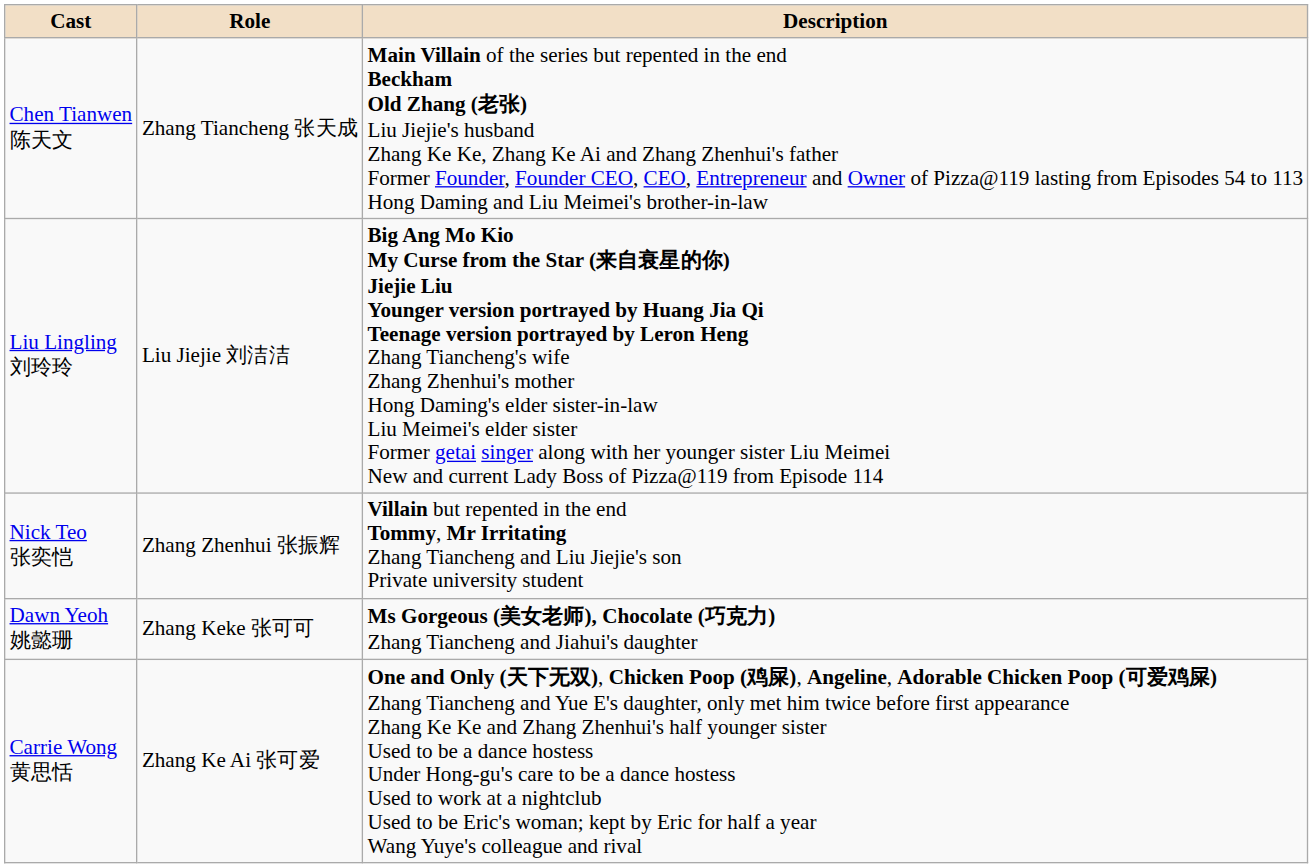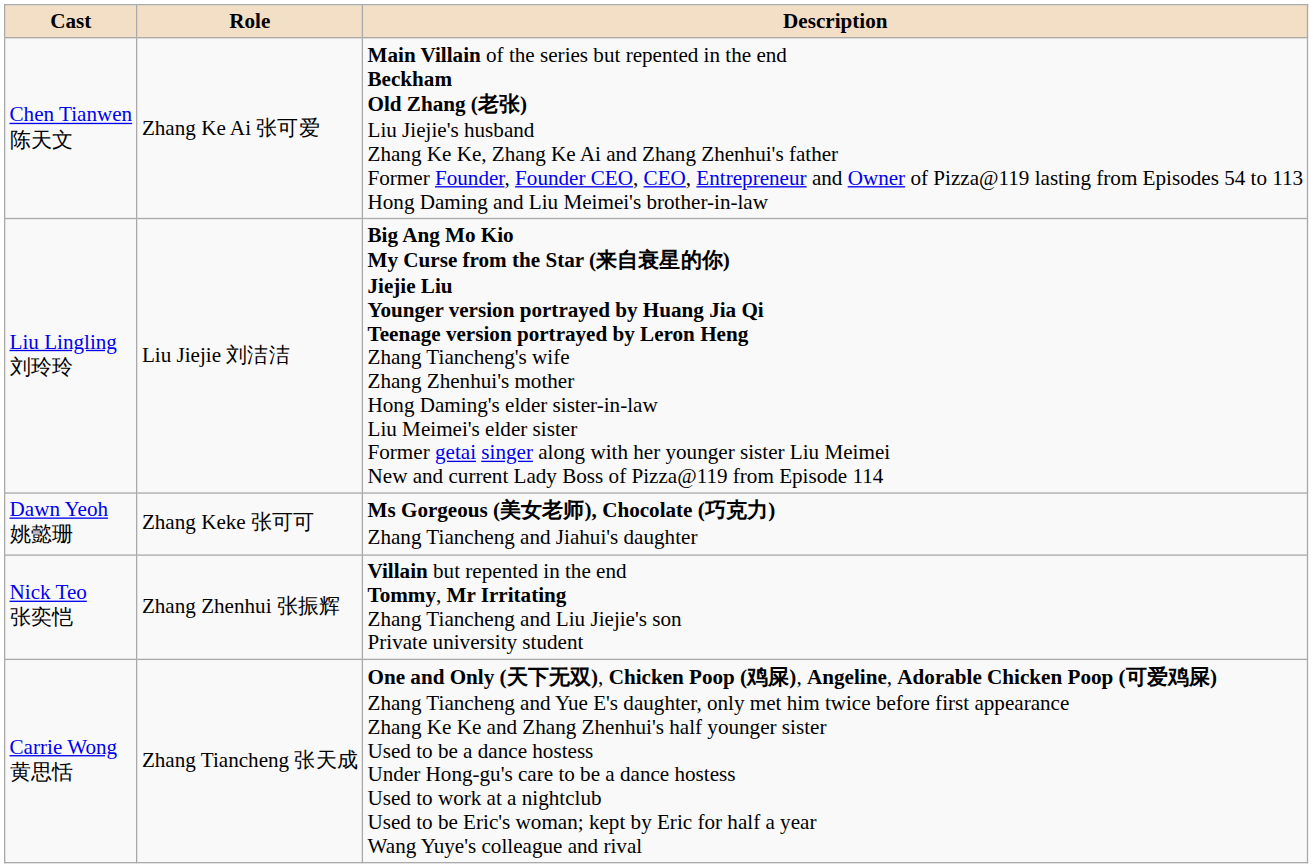 <table class="wikitable">
 <tr>
 <th style="background:#f2dfc6;">Cast</th>
 <th style="background:#f2dfc6;">Role</th>
 <th style="background:#f2dfc6;">Description</th>
 </tr>
 <tr>
 <td><a href='#'>Chen Tianwen</a><br>陈天文</td>
-<td>Zhang Tiancheng 张天成</td>
+<td>Zhang Ke Ai 张可爱</td>
 <td><strong>Main Villain</strong> of the series but repented in the end<br><strong>Beckham</strong><br><strong>Old Zhang (老张)</strong><br>Liu Jiejie's husband<br>Zhang Ke Ke, Zhang Ke Ai and Zhang Zhenhui's father<br>Former <a href='#'>Founder</a>, <a href='#'>Founder CEO</a>, <a href='#'>CEO</a>, <a href='#'>Entrepreneur</a> and <a href='#'>Owner</a> of Pizza@119 lasting from Episodes 54 to 113 <br> Hong Daming and Liu Meimei's brother-in-law</td>
 </tr>
 <tr>
 <td><a href='#'>Liu Lingling</a><br>刘玲玲</td>
 <td>Liu Jiejie 刘洁洁</td>
 <td><strong>Big Ang Mo Kio</strong> <br><strong>My Curse from the Star (来自衰星的你)</strong> <br><strong>Jiejie Liu</strong> <br><strong>Younger version portrayed by Huang Jia Qi</strong><br><strong>Teenage version portrayed by Leron Heng</strong> <br> Zhang Tiancheng's wife<br>Zhang Zhenhui's mother<br>Hong Daming's elder sister-in-law<br>Liu Meimei's elder sister<br>Former <a href='#'>getai</a> <a href='#'>singer</a> along with her younger sister Liu Meimei<br>New and current Lady Boss of Pizza@119 from Episode 114</td>
 </tr>
 <tr>
+<td><a href='#'>Dawn Yeoh</a><br>姚懿珊</td>
+<td>Zhang Keke 张可可</td>
+<td><strong>Ms Gorgeous (美女老师), Chocolate (巧克力)</strong><br>Zhang Tiancheng and Jiahui's daughter</td>
+</tr>
+<tr>
 <td><a href='#'>Nick Teo</a><br>张奕恺</td>
 <td>Zhang Zhenhui 张振辉</td>
 <td><strong>Villain</strong> but repented in the end<br><strong>Tommy</strong>, <strong>Mr Irritating</strong><br>Zhang Tiancheng and Liu Jiejie's son<br>Private university student</td>
 </tr>
 <tr>
-<td><a href='#'>Dawn Yeoh</a><br>姚懿珊</td>
-<td>Zhang Keke 张可可</td>
-<td><strong>Ms Gorgeous (美女老师), Chocolate (巧克力)</strong><br>Zhang Tiancheng and Jiahui's daughter</td>
-</tr>
-<tr>
 <td><a href='#'>Carrie Wong</a><br>黄思恬</td>
-<td>Zhang Ke Ai 张可爱</td>
+<td>Zhang Tiancheng 张天成</td>
 <td><strong>One and Only (天下无双)</strong>, <strong>Chicken Poop (鸡屎)</strong>, <strong>Angeline</strong>, <strong>Adorable Chicken Poop (可爱鸡屎)</strong> <br> Zhang Tiancheng and Yue E's daughter, only met him twice before first appearance <br> Zhang Ke Ke and Zhang Zhenhui's half younger sister <br> Used to be a dance hostess <br> Under Hong-gu's care to be a dance hostess <br> Used to work at a nightclub <br> Used to be Eric's woman; kept by Eric for half a year <br> Wang Yuye's colleague and rival</td>
 </tr>
 </table>
